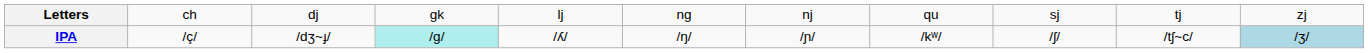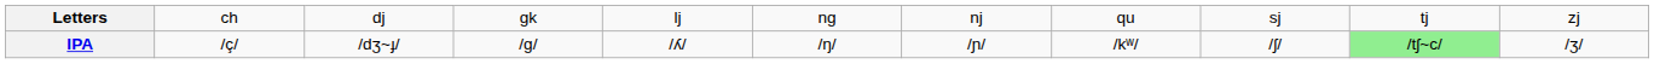 <table class="wikitable" style="table-layout: fixed; width: 100em; text-align: center;">
 <tr>
 <th><strong>Letters</strong></th>
 <td>ch</td>
 <td>dj</td>
 <td>gk</td>
 <td>lj</td>
 <td>ng</td>
 <td>nj</td>
 <td>qu</td>
 <td>sj</td>
 <td>tj</td>
 <td>zj</td>
 </tr>
 <tr>
 <th><strong><a href='#'>IPA</a></strong></th>
 <td>/ç/</td>
 <td>/dʒ~ɟ/</td>
-<td style="background: paleturquoise;">/ɡ/</td>
+<td>/ɡ/</td>
 <td>/ʎ/</td>
 <td>/ŋ/</td>
 <td>/ɲ/</td>
 <td>/kʷ/</td>
 <td>/ʃ/</td>
-<td>/tʃ~c/</td>
-<td style="background: lightblue;">/ʒ/</td>
+<td style="background: lightgreen;">/tʃ~c/</td>
+<td>/ʒ/</td>
 </tr>
 </table>
